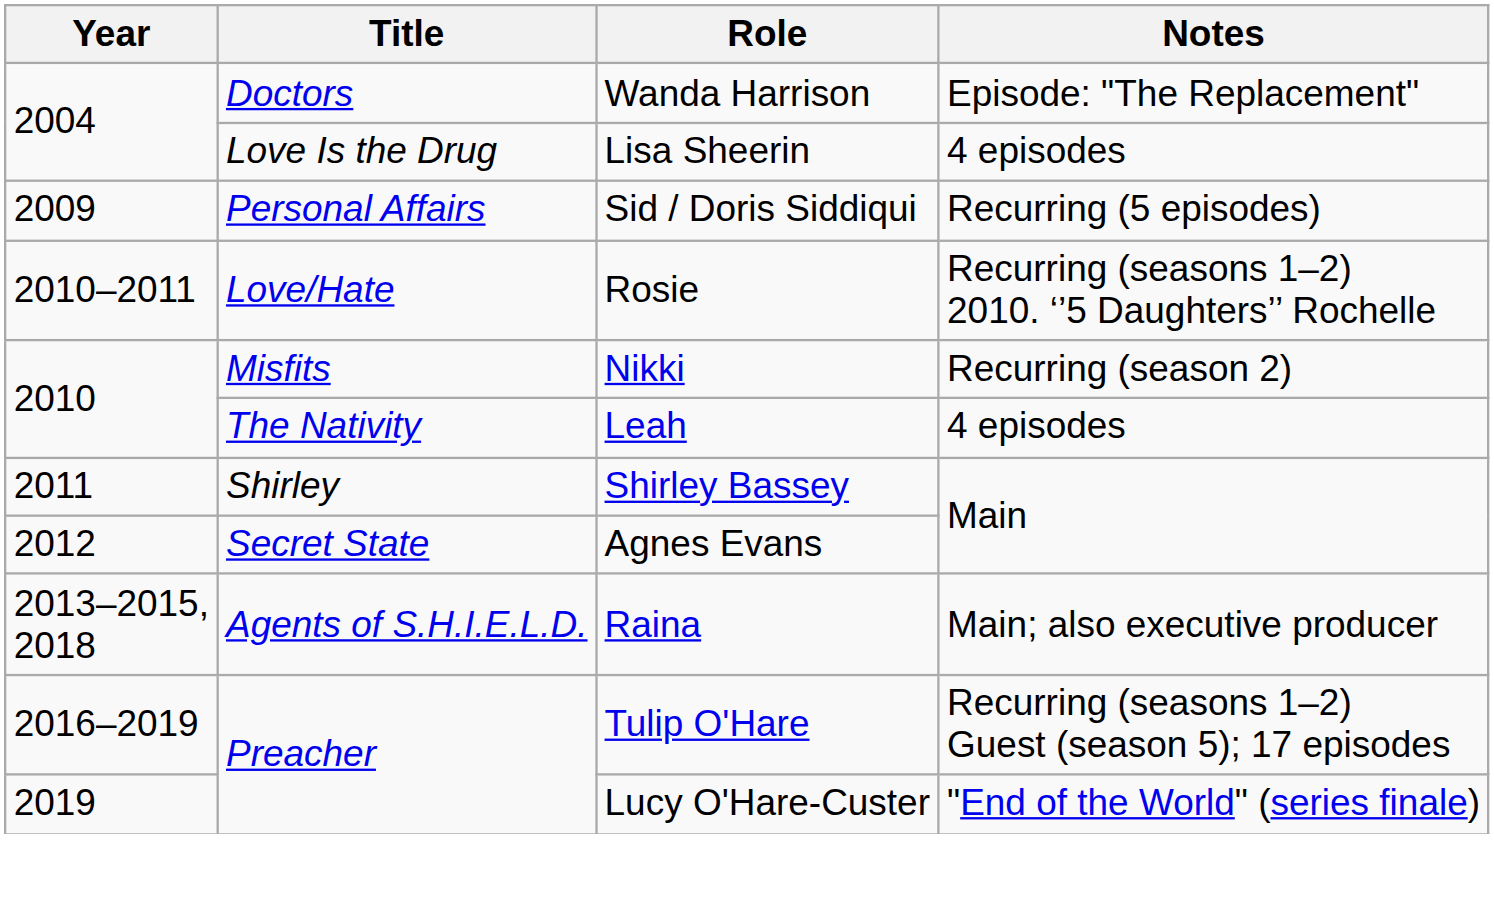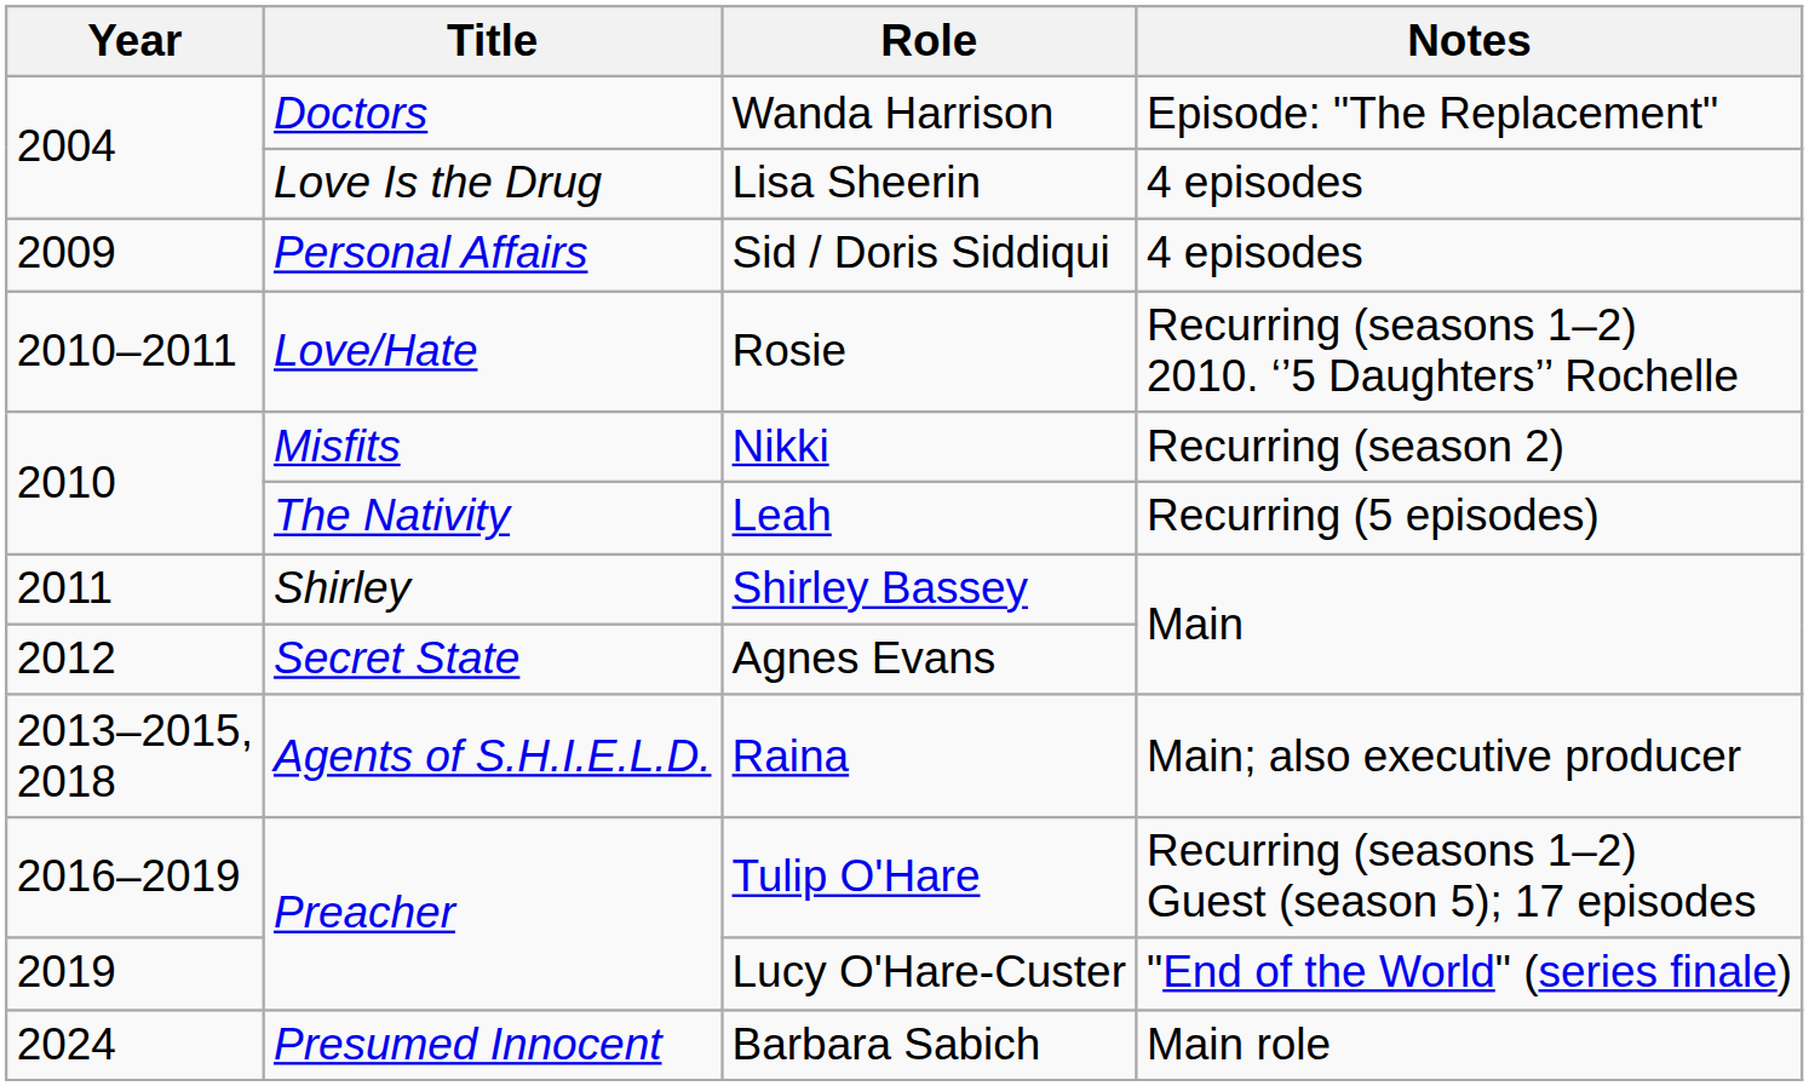 <table class="wikitable sortable">
 <tr>
 <th>Year</th>
 <th>Title</th>
 <th>Role</th>
 <th class="unsortable">Notes</th>
 </tr>
 <tr>
 <td rowspan=2>2004</td>
 <td><em><a href='#'>Doctors</a></em></td>
 <td>Wanda Harrison</td>
 <td>Episode: "The Replacement"</td>
 </tr>
 <tr>
 <td><em>Love Is the Drug</em></td>
 <td>Lisa Sheerin</td>
 <td>4 episodes</td>
 </tr>
 <tr>
 <td>2009</td>
 <td><em><a href='#'>Personal Affairs</a></em></td>
 <td>Sid / Doris Siddiqui</td>
-<td>Recurring (5 episodes)</td>
+<td>4 episodes</td>
 </tr>
 <tr>
 <td>2010–2011</td>
 <td><em><a href='#'>Love/Hate</a></em></td>
 <td>Rosie</td>
 <td>Recurring (seasons 1–2)<br>2010. ‘’5 Daughters’’ Rochelle</td>
 </tr>
 <tr>
 <td rowspan=2>2010</td>
 <td><em><a href='#'>Misfits</a></em></td>
 <td><a href='#'>Nikki</a></td>
 <td>Recurring (season 2)</td>
 </tr>
 <tr>
 <td><em><a href='#'>The Nativity</a></em></td>
 <td><a href='#'>Leah</a></td>
-<td>4 episodes</td>
+<td>Recurring (5 episodes)</td>
 </tr>
 <tr>
 <td>2011</td>
 <td><em>Shirley</em></td>
 <td><a href='#'>Shirley Bassey</a></td>
 <td rowspan=2>Main</td>
 </tr>
 <tr>
 <td>2012</td>
 <td><em><a href='#'>Secret State</a></em></td>
 <td>Agnes Evans</td>
 </tr>
 <tr>
 <td>2013–2015,<br>2018</td>
 <td><em><a href='#'>Agents of S.H.I.E.L.D.</a></em></td>
 <td><a href='#'>Raina</a></td>
 <td>Main; also executive producer</td>
 </tr>
 <tr>
 <td>2016–2019</td>
 <td rowspan="2"><em><a href='#'>Preacher</a></em></td>
 <td><a href='#'>Tulip O'Hare</a></td>
 <td>Recurring (seasons 1–2)<br>Guest (season 5); 17 episodes</td>
 </tr>
 <tr>
 <td>2019</td>
 <td>Lucy O'Hare-Custer</td>
 <td>"<a href='#'>End of the World</a>" (<a href='#'>series finale</a>)</td>
 </tr>
+<tr>
+<td>2024</td>
+<td><em><a href='#'>Presumed Innocent</a></em></td>
+<td>Barbara Sabich</td>
+<td>Main role</td>
+</tr>
 </table>
